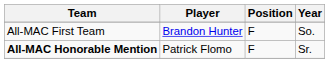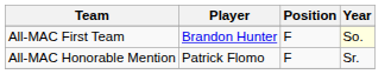 <table class="wikitable" border="1">
 <tr align=center>
 <th style= >Team</th>
 <th style= >Player</th>
 <th style= >Position</th>
 <th style= >Year</th>
 </tr>
 <tr align="center">
 </tr>
 <tr>
 <td>All-MAC First Team</td>
 <td><a href='#'>Brandon Hunter</a></td>
 <td>F</td>
-<td>So.</td>
+<td style="background: lightyellow;">So.</td>
 </tr>
 <tr>
-<td><strong>All-MAC Honorable Mention</strong></td>
+<td>All-MAC Honorable Mention</td>
 <td>Patrick Flomo</td>
 <td>F</td>
 <td>Sr.</td>
 </tr>
 <tr>
 </tr>
 </table>
